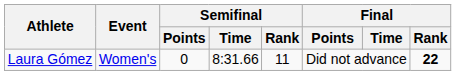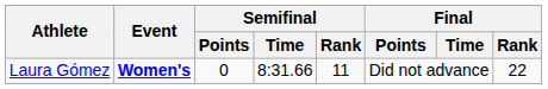 <table class=wikitable style=font-size:90%;text-align:center>
 <tr>
 <th rowspan=2>Athlete</th>
 <th rowspan=2>Event</th>
 <th colspan=3>Semifinal</th>
 <th colspan=3>Final</th>
 </tr>
 <tr>
 <th>Points</th>
 <th>Time</th>
 <th>Rank</th>
 <th>Points</th>
 <th>Time</th>
 <th>Rank</th>
 </tr>
 <tr>
 <td align=left><a href='#'>Laura Gómez</a></td>
-<td align=left><a href='#'>Women's</a></td>
+<td align=left><strong><a href='#'>Women's</a></strong></td>
 <td>0</td>
 <td>8:31.66</td>
 <td>11</td>
 <td colspan=2>Did not advance</td>
-<td><strong>22</strong></td>
+<td>22</td>
 </tr>
 </table>
